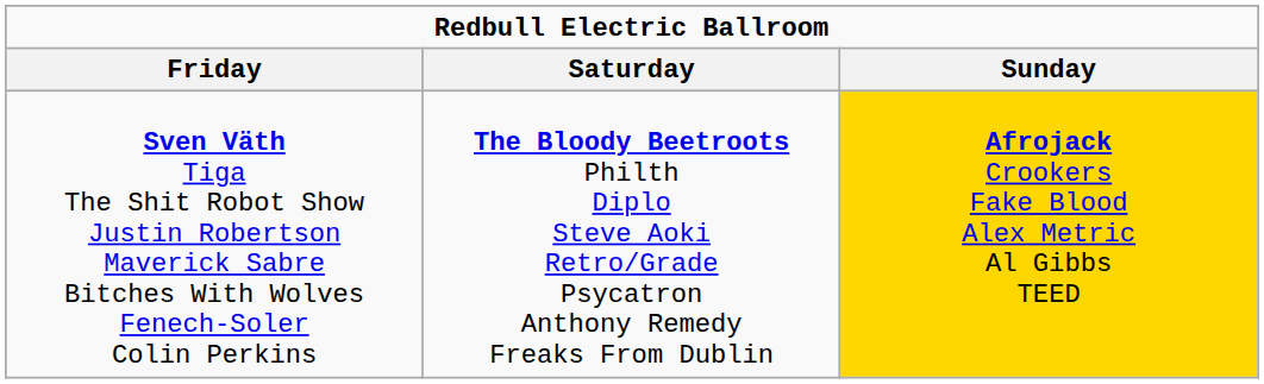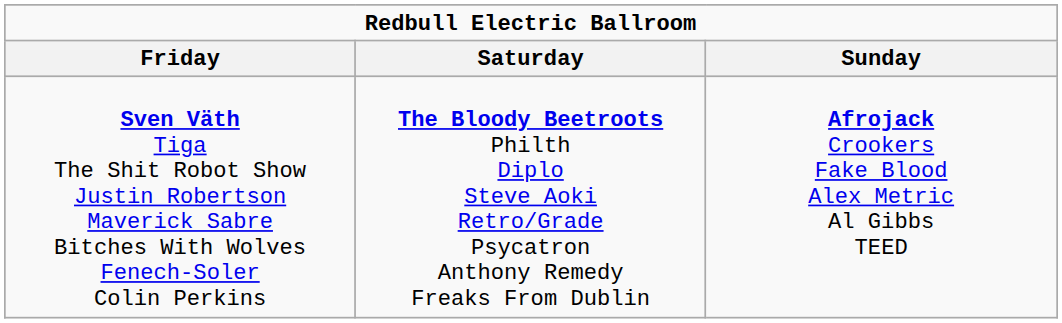 <table class="wikitable">
 <tr>
 <td colspan="3" align="center"><strong>Redbull Electric Ballroom</strong></td>
 </tr>
 <tr>
 <th>Friday</th>
 <th>Saturday</th>
 <th>Sunday</th>
 </tr>
 <tr>
 <td valign="top" align="center" width=200><br><strong><a href='#'>Sven Väth</a></strong> <br><a href='#'>Tiga</a> <br>The Shit Robot Show <br><a href='#'>Justin Robertson</a> <br><a href='#'>Maverick Sabre</a> <br>Bitches With Wolves <br><a href='#'>Fenech-Soler</a> <br>Colin Perkins</td>
 <td valign="top" align="center" width=200><br><strong><a href='#'>The Bloody Beetroots</a></strong> <br>Philth <br><a href='#'>Diplo</a> <br><a href='#'>Steve Aoki</a> <br><a href='#'>Retro/Grade</a> <br>Psycatron <br>Anthony Remedy <br>Freaks From Dublin</td>
-<td valign="top" align="center" width=200 style="background: gold;"><br><strong><a href='#'>Afrojack</a></strong> <br><a href='#'>Crookers</a> <br><a href='#'>Fake Blood</a> <br><a href='#'>Alex Metric</a> <br>Al Gibbs <br>TEED</td>
+<td valign="top" align="center" width=200><br><strong><a href='#'>Afrojack</a></strong> <br><a href='#'>Crookers</a> <br><a href='#'>Fake Blood</a> <br><a href='#'>Alex Metric</a> <br>Al Gibbs <br>TEED</td>
 </tr>
 </table>
